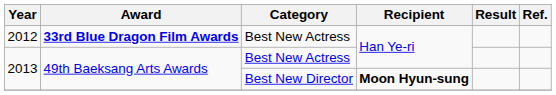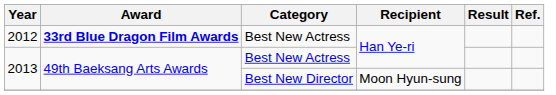 <table class="wikitable sortable">
 <tr>
 <th>Year</th>
 <th>Award</th>
 <th>Category</th>
 <th>Recipient</th>
 <th>Result</th>
 <th>Ref.</th>
 </tr>
 <tr>
 <td>2012</td>
 <td><strong><a href='#'>33rd Blue Dragon Film Awards</a></strong></td>
 <td>Best New Actress</td>
 <td rowspan=2><a href='#'>Han Ye-ri</a></td>
 <td></td>
 <td></td>
 </tr>
 <tr>
 <td rowspan=2>2013</td>
 <td rowspan=2><a href='#'>49th Baeksang Arts Awards</a></td>
 <td><a href='#'>Best New Actress</a></td>
 <td></td>
 <td></td>
 </tr>
 <tr>
 <td><a href='#'>Best New Director</a></td>
-<td><strong>Moon Hyun-sung</strong></td>
+<td>Moon Hyun-sung</td>
 <td></td>
 <td></td>
 </tr>
 <tr>
 </tr>
 </table>
